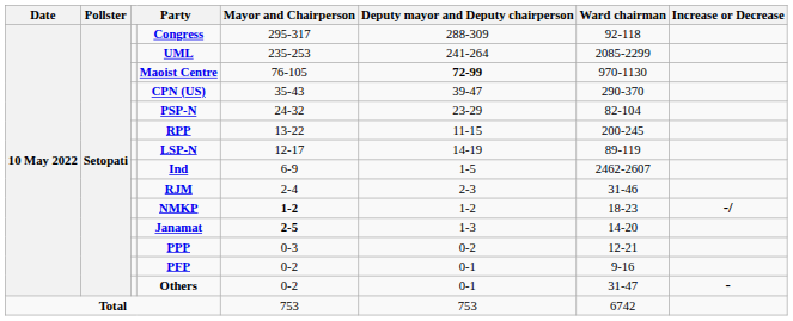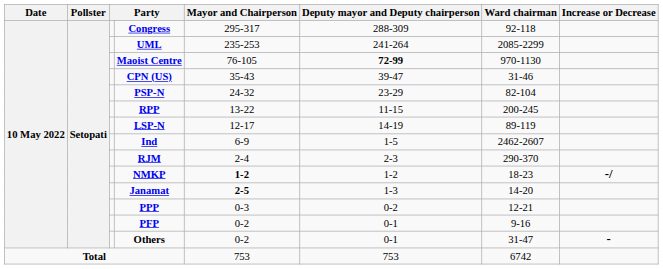 <table class="wikitable sortable" style="text-align:center;font-size:95%;line-height:16px">
 <tr>
 <th>Date</th>
 <th>Pollster</th>
 <th colspan="2">Party</th>
 <th>Mayor and Chairperson</th>
 <th>Deputy mayor and Deputy chairperson</th>
 <th>Ward chairman</th>
 <th>Increase or Decrease</th>
 </tr>
 <tr>
 <th rowspan="14">10 May 2022</th>
 <th rowspan="14">Setopati</th>
 <td style="background-color:"></td>
 <td><strong><a href='#'>Congress</a></strong></td>
 <td>295-317</td>
 <td>288-309</td>
 <td>92-118</td>
 <td></td>
 </tr>
 <tr>
 <td style="background-color:"></td>
 <td><strong><a href='#'>UML</a></strong></td>
 <td>235-253</td>
 <td>241-264</td>
 <td>2085-2299</td>
 <td></td>
 </tr>
 <tr>
 <td style="background-color:"></td>
 <td><a href='#'><strong>Maoist Centre</strong></a></td>
 <td>76-105</td>
 <td><strong>72-99</strong></td>
 <td>970-1130</td>
 <td></td>
 </tr>
 <tr>
 <td style="background-color:"></td>
 <td><a href='#'><strong>CPN (US)</strong></a></td>
 <td>35-43</td>
 <td>39-47</td>
-<td>290-370</td>
+<td>31-46</td>
 <td></td>
 </tr>
 <tr>
 <td style="background-color:"></td>
 <td><a href='#'><strong>PSP-N</strong></a></td>
 <td>24-32</td>
 <td>23-29</td>
 <td>82-104</td>
 <td></td>
 </tr>
 <tr>
 <td style="background-color:"></td>
 <td><a href='#'><strong>RPP</strong></a></td>
 <td>13-22</td>
 <td>11-15</td>
 <td>200-245</td>
 <td></td>
 </tr>
 <tr>
 <td style="background-color:"></td>
 <td><a href='#'><strong>LSP-N</strong></a></td>
 <td>12-17</td>
 <td>14-19</td>
 <td>89-119</td>
 <td></td>
 </tr>
 <tr>
 <td style="background-color:"></td>
 <td><a href='#'><strong>Ind</strong></a></td>
 <td>6-9</td>
 <td>1-5</td>
 <td>2462-2607</td>
 <td></td>
 </tr>
 <tr>
 <td style="background-color:"></td>
 <td><strong><a href='#'>RJM</a></strong></td>
 <td>2-4</td>
 <td>2-3</td>
-<td>31-46</td>
+<td>290-370</td>
 <td></td>
 </tr>
 <tr>
 <td style="background-color:"></td>
 <td><strong><a href='#'>NMKP</a></strong></td>
 <td><strong>1-2</strong></td>
 <td>1-2</td>
 <td>18-23</td>
 <td><big><strong>-/</strong></big></td>
 </tr>
 <tr>
 <td style="background-color:"></td>
 <td><strong><a href='#'>Janamat</a></strong></td>
 <td><strong>2-5</strong></td>
 <td>1-3</td>
 <td>14-20</td>
 <td></td>
 </tr>
 <tr>
 <td style="background-color:"></td>
 <td><strong><a href='#'>PPP</a></strong></td>
 <td>0-3</td>
 <td>0-2</td>
 <td>12-21</td>
 <td></td>
 </tr>
 <tr>
 <td style="background-color:"></td>
 <td><a href='#'><strong>PFP</strong></a></td>
 <td>0-2</td>
 <td>0-1</td>
 <td>9-16</td>
 <td></td>
 </tr>
 <tr>
 <td style="background-color:"></td>
 <td><strong>Others</strong></td>
 <td>0-2</td>
 <td>0-1</td>
 <td>31-47</td>
 <td><strong><big>-</big></strong></td>
 </tr>
 <tr>
 <td colspan="4"><strong>Total</strong></td>
 <td>753</td>
 <td>753</td>
 <td>6742</td>
 <td></td>
 </tr>
 </table>
